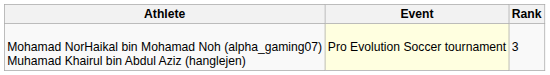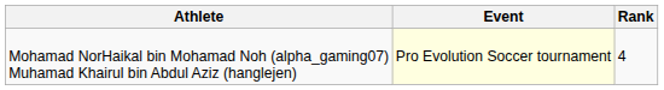 <table class="wikitable">
 <tr>
 <th>Athlete</th>
 <th>Event</th>
 <th>Rank</th>
 </tr>
 <tr>
 <td><br>Mohamad NorHaikal bin Mohamad Noh (alpha_gaming07)<br>Muhamad Khairul bin Abdul Aziz (hanglejen)<br></td>
 <td style="background: lightyellow;">Pro Evolution Soccer tournament</td>
-<td>3</td>
+<td>4</td>
 </tr>
 </table>
